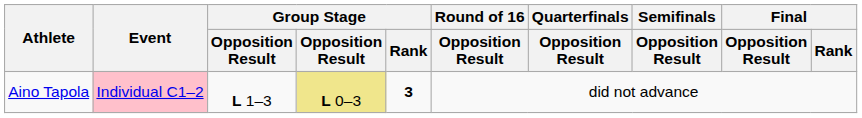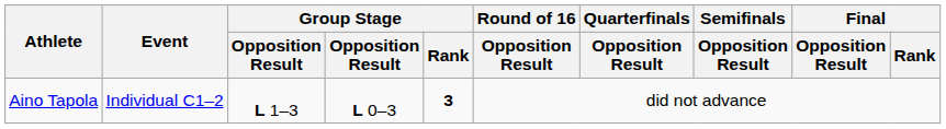 <table class=wikitable style="font-size:90%">
 <tr>
 <th rowspan="2">Athlete</th>
 <th rowspan="2">Event</th>
 <th colspan="3">Group Stage</th>
 <th>Round of 16</th>
 <th>Quarterfinals</th>
 <th>Semifinals</th>
 <th colspan="2">Final</th>
 </tr>
 <tr>
 <th>Opposition<br>Result</th>
 <th>Opposition<br>Result</th>
 <th>Rank</th>
 <th>Opposition<br>Result</th>
 <th>Opposition<br>Result</th>
 <th>Opposition<br>Result</th>
 <th>Opposition<br>Result</th>
 <th>Rank</th>
 </tr>
 <tr align=center>
 <td align=left><a href='#'>Aino Tapola</a></td>
-<td align=left style="background: pink;"><a href='#'>Individual C1–2</a></td>
+<td align=left><a href='#'>Individual C1–2</a></td>
 <td><br><strong>L</strong> 1–3</td>
-<td style="background: khaki;"><br><strong>L</strong> 0–3</td>
+<td><br><strong>L</strong> 0–3</td>
 <td><strong>3</strong></td>
 <td colspan=5>did not advance</td>
 </tr>
 </table>
